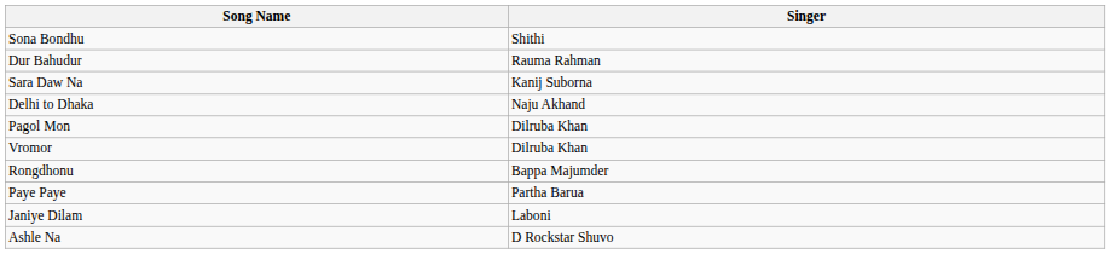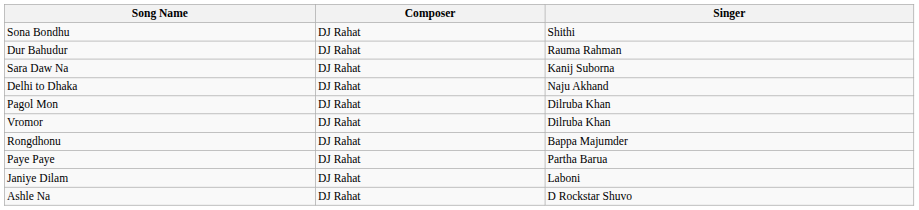 <table class="wikitable sortable collapsible" style="width: 100%;">
 <tr>
 <th style="*background:d0e5f5;">Song Name</th>
+<th style="*background:d0e5f5;">Composer</th>
 <th style="*background:d0e5f5;">Singer</th>
 </tr>
 <tr>
 <td>Sona Bondhu</td>
+<td>DJ Rahat</td>
 <td>Shithi</td>
 </tr>
 <tr>
 <td>Dur Bahudur</td>
+<td>DJ Rahat</td>
 <td>Rauma Rahman</td>
 </tr>
 <tr>
 <td>Sara Daw Na</td>
+<td>DJ Rahat</td>
 <td>Kanij Suborna</td>
 </tr>
 <tr>
 <td>Delhi to Dhaka</td>
+<td>DJ Rahat</td>
 <td>Naju Akhand</td>
 </tr>
 <tr>
 <td>Pagol Mon</td>
+<td>DJ Rahat</td>
 <td>Dilruba Khan</td>
 </tr>
 <tr>
 <td>Vromor</td>
+<td>DJ Rahat</td>
 <td>Dilruba Khan</td>
 </tr>
 <tr>
 <td>Rongdhonu</td>
+<td>DJ Rahat</td>
 <td>Bappa Majumder</td>
 </tr>
 <tr>
 <td>Paye Paye</td>
+<td>DJ Rahat</td>
 <td>Partha  Barua</td>
 </tr>
 <tr>
 <td>Janiye Dilam</td>
+<td>DJ Rahat</td>
 <td>Laboni</td>
 </tr>
 <tr>
 <td>Ashle Na</td>
+<td>DJ Rahat</td>
 <td>D Rockstar Shuvo</td>
 </tr>
 </table>
